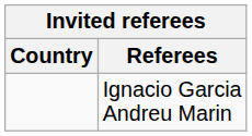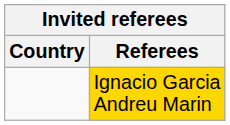 <table class="wikitable">
 <tr>
 <th colspan=3>Invited referees</th>
 </tr>
 <tr>
 <th>Country</th>
 <th>Referees</th>
 </tr>
 <tr>
 <td></td>
-<td>Ignacio Garcia<br>Andreu Marin</td>
+<td style="background: gold;">Ignacio Garcia<br>Andreu Marin</td>
 </tr>
 </table>
